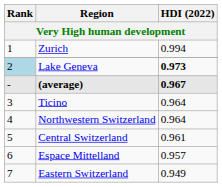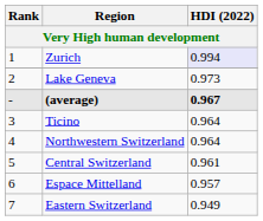 <table class="wikitable sortable">
 <tr>
 <th>Rank</th>
 <th>Region</th>
 <th>HDI (2022)</th>
 </tr>
 <tr>
 <th colspan="3" style="color:green;">Very High human development</th>
 </tr>
 <tr>
 <td>1</td>
 <td><a href='#'>Zurich</a></td>
-<td>0.994</td>
+<td style="background: lavender;">0.994</td>
 </tr>
 <tr>
 </tr>
 <tr>
-<td style="background: lightblue;">2</td>
+<td>2</td>
 <td><a href='#'>Lake Geneva</a></td>
-<td><strong>0.973</strong></td>
+<td>0.973</td>
 </tr>
 <tr style="background:#e6e6e6">
 <td>-</td>
 <td><strong> (average)</strong></td>
 <td><strong>0.967</strong></td>
 </tr>
 <tr>
 <td>3</td>
 <td><a href='#'>Ticino</a></td>
 <td>0.964</td>
 </tr>
 <tr>
 <td>4</td>
 <td><a href='#'>Northwestern Switzerland</a></td>
 <td>0.964</td>
 </tr>
 <tr>
 <td>5</td>
 <td><a href='#'>Central Switzerland</a></td>
 <td>0.961</td>
 </tr>
 <tr>
 <td>6</td>
 <td><a href='#'>Espace Mittelland</a></td>
 <td>0.957</td>
 </tr>
 <tr>
 <td>7</td>
 <td><a href='#'>Eastern Switzerland</a></td>
 <td>0.949</td>
 </tr>
 </table>
